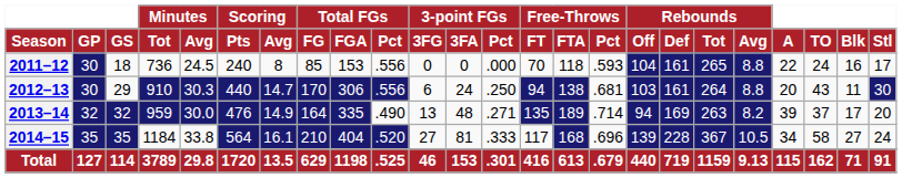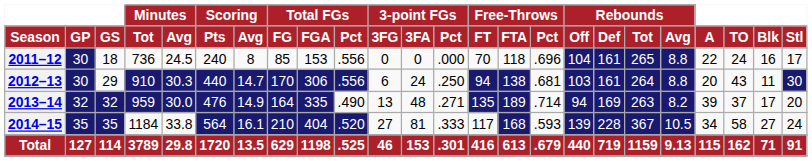 <table class="wikitable sortable" border="1" style="font-size:70%;">
 <tr>
 <th colspan="3" style="border-top-style:hidden; border-left-style:hidden; background: white;"></th>
 <th colspan="2" style="background:#AE2029; color:#ffffff;">Minutes</th>
 <th colspan="2" style="background:#AE2029; color:#ffffff;">Scoring</th>
 <th colspan="3" style="background:#AE2029; color:#ffffff;">Total FGs</th>
 <th colspan="3" style="background:#AE2029; color:#ffffff;">3-point FGs</th>
 <th colspan="3" style="background:#AE2029; color:#ffffff;">Free-Throws</th>
 <th colspan="4" style="background:#AE2029; color:#ffffff;">Rebounds</th>
 <th colspan="4" style="border-top-style:hidden; border-right-style:hidden; background: white;"></th>
 </tr>
 <tr>
 <th scope="col" style="background:#AE2029; color:#ffffff;">Season</th>
 <th scope="col" style="background:#AE2029; color:#ffffff;">GP</th>
 <th scope="col" style="background:#AE2029; color:#ffffff;">GS</th>
 <th scope="col" style="background:#AE2029; color:#ffffff;">Tot</th>
 <th scope="col" style="background:#AE2029; color:#ffffff;">Avg</th>
 <th scope="col" style="background:#AE2029; color:#ffffff;">Pts</th>
 <th scope="col" style="background:#AE2029; color:#ffffff;">Avg</th>
 <th scope="col" style="background:#AE2029; color:#ffffff;">FG</th>
 <th scope="col" style="background:#AE2029; color:#ffffff;">FGA</th>
 <th scope="col" style="background:#AE2029; color:#ffffff;">Pct</th>
 <th scope="col" style="background:#AE2029; color:#ffffff;">3FG</th>
 <th scope="col" style="background:#AE2029; color:#ffffff;">3FA</th>
 <th scope="col" style="background:#AE2029; color:#ffffff;">Pct</th>
 <th scope="col" style="background:#AE2029; color:#ffffff;">FT</th>
 <th scope="col" style="background:#AE2029; color:#ffffff;">FTA</th>
 <th scope="col" style="background:#AE2029; color:#ffffff;">Pct</th>
 <th scope="col" style="background:#AE2029; color:#ffffff;">Off</th>
 <th scope="col" style="background:#AE2029; color:#ffffff;">Def</th>
 <th scope="col" style="background:#AE2029; color:#ffffff;">Tot</th>
 <th scope="col" style="background:#AE2029; color:#ffffff;">Avg</th>
 <th scope="col" style="background:#AE2029; color:#ffffff;">A</th>
 <th scope="col" style="background:#AE2029; color:#ffffff;">TO</th>
 <th scope="col" style="background:#AE2029; color:#ffffff;">Blk</th>
 <th scope="col" style="background:#AE2029; color:#ffffff;">Stl</th>
 </tr>
 <tr>
 <th style=white-space:nowrap><a href='#'>2011–12</a></th>
 <td align="center" style="background:#191970; color:#ffffff;">30</td>
 <td align="center">18</td>
 <td align="center">736</td>
 <td align="center">24.5</td>
 <td align="center">240</td>
 <td align="center">8</td>
 <td align="center">85</td>
 <td align="center">153</td>
 <td align="center">.556</td>
 <td align="center">0</td>
 <td align="center">0</td>
 <td align="center">.000</td>
 <td align="center">70</td>
 <td align="center">118</td>
-<td align="center">.593</td>
+<td align="center">.696</td>
 <td align="center" style="background:#191970; color:#ffffff;">104</td>
 <td align="center" style="background:#191970; color:#ffffff;">161</td>
 <td align="center" style="background:#191970; color:#ffffff;">265</td>
 <td align="center" style="background:#191970; color:#ffffff;">8.8</td>
 <td align="center">22</td>
 <td align="center">24</td>
 <td align="center">16</td>
 <td align="center">17</td>
 </tr>
 <tr>
 <th style=white-space:nowrap><a href='#'>2012–13</a></th>
 <td align="center" style="background:#191970; color:#ffffff;">30</td>
 <td align="center">29</td>
 <td align="center" style="background:#191970; color:#ffffff;">910</td>
 <td align="center" style="background:#191970; color:#ffffff;">30.3</td>
 <td align="center" style="background:#191970; color:#ffffff;">440</td>
 <td align="center" style="background:#191970; color:#ffffff;">14.7</td>
 <td align="center" style="background:#191970; color:#ffffff;">170</td>
 <td align="center" style="background:#191970; color:#ffffff;">306</td>
 <td align="center" style="background:#191970; color:#ffffff;">.556</td>
 <td align="center">6</td>
 <td align="center">24</td>
 <td align="center">.250</td>
 <td align="center" style="background:#191970; color:#ffffff;">94</td>
 <td align="center" style="background:#191970; color:#ffffff;">138</td>
 <td align="center">.681</td>
 <td align="center" style="background:#191970; color:#ffffff;">103</td>
 <td align="center" style="background:#191970; color:#ffffff;">161</td>
 <td align="center" style="background:#191970; color:#ffffff;">264</td>
 <td align="center" style="background:#191970; color:#ffffff;">8.8</td>
 <td align="center">20</td>
 <td align="center">43</td>
 <td align="center">11</td>
 <td align="center" style="background:#191970; color:#ffffff;">30</td>
 </tr>
 <tr>
 <th style=white-space:nowrap><a href='#'>2013–14</a></th>
 <td align="center" style="background:#191970; color:#ffffff;">32</td>
 <td align="center" style="background:#191970; color:#ffffff;">32</td>
 <td align="center" style="background:#191970; color:#ffffff;">959</td>
 <td align="center" style="background:#191970; color:#ffffff;">30.0</td>
 <td align="center" style="background:#191970; color:#ffffff;">476</td>
 <td align="center" style="background:#191970; color:#ffffff;">14.9</td>
 <td align="center" style="background:#191970; color:#ffffff;">164</td>
 <td align="center" style="background:#191970; color:#ffffff;">335</td>
 <td align="center">.490</td>
 <td align="center">13</td>
 <td align="center">48</td>
 <td align="center">.271</td>
 <td align="center" style="background:#191970; color:#ffffff;">135</td>
 <td align="center" style="background:#191970; color:#ffffff;">189</td>
 <td align="center">.714</td>
 <td align="center" style="background:#191970; color:#ffffff;">94</td>
 <td align="center" style="background:#191970; color:#ffffff;">169</td>
 <td align="center" style="background:#191970; color:#ffffff;">263</td>
 <td align="center" style="background:#191970; color:#ffffff;">8.2</td>
 <td align="center">39</td>
 <td align="center">37</td>
 <td align="center">17</td>
 <td align="center">20</td>
 </tr>
 <tr>
 <th style=white-space:nowrap><a href='#'>2014–15</a></th>
 <td align="center" style="background:#191970; color:#ffffff;">35</td>
 <td align="center" style="background:#191970; color:#ffffff;">35</td>
 <td align="center">1184</td>
 <td align="center">33.8</td>
 <td align="center" style="background:#191970; color:#ffffff;">564</td>
 <td align="center" style="background:#191970; color:#ffffff;">16.1</td>
 <td align="center" style="background:#191970; color:#ffffff;">210</td>
 <td align="center" style="background:#191970; color:#ffffff;">404</td>
 <td align="center" style="background:#191970; color:#ffffff;">.520</td>
 <td align="center">27</td>
 <td align="center">81</td>
 <td align="center">.333</td>
 <td align="center">117</td>
 <td align="center" style="background:#191970; color:#ffffff;">168</td>
-<td align="center">.696</td>
+<td align="center">.593</td>
 <td align="center" style="background:#191970; color:#ffffff;">139</td>
 <td align="center" style="background:#191970; color:#ffffff;">228</td>
 <td align="center" style="background:#191970; color:#ffffff;">367</td>
 <td align="center" style="background:#191970; color:#ffffff;">10.5</td>
 <td align="center">34</td>
 <td align="center">58</td>
 <td align="center">27</td>
 <td align="center">24</td>
 </tr>
 <tr>
 </tr>
 <tr class="sortbottom">
 <td align="center" style="background:#AE2029; color:#ffffff;"><strong>Total</strong></td>
 <td align="center" style="background:#AE2029; color:#ffffff;"><strong>127</strong></td>
 <td align="center" style="background:#AE2029; color:#ffffff;"><strong>114</strong></td>
 <td align="center" style="background:#AE2029; color:#ffffff;"><strong>3789</strong></td>
 <td align="center" style="background:#AE2029; color:#ffffff;"><strong>29.8</strong></td>
 <td align="center" style="background:#AE2029; color:#ffffff;"><strong>1720</strong></td>
 <td align="center" style="background:#AE2029; color:#ffffff;"><strong>13.5</strong></td>
 <td align="center" style="background:#AE2029; color:#ffffff;"><strong>629</strong></td>
 <td align="center" style="background:#AE2029; color:#ffffff;"><strong>1198</strong></td>
 <td align="center" style="background:#AE2029; color:#ffffff;"><strong>.525</strong></td>
 <td align="center" style="background:#AE2029; color:#ffffff;"><strong>46</strong></td>
 <td align="center" style="background:#AE2029; color:#ffffff;"><strong>153</strong></td>
 <td align="center" style="background:#AE2029; color:#ffffff;"><strong>.301</strong></td>
 <td align="center" style="background:#AE2029; color:#ffffff;"><strong>416</strong></td>
 <td align="center" style="background:#AE2029; color:#ffffff;"><strong>613</strong></td>
 <td align="center" style="background:#AE2029; color:#ffffff;"><strong>.679</strong></td>
 <td align="center" style="background:#AE2029; color:#ffffff;"><strong>440</strong></td>
 <td align="center" style="background:#AE2029; color:#ffffff;"><strong>719</strong></td>
 <td align="center" style="background:#AE2029; color:#ffffff;"><strong>1159</strong></td>
 <td align="center" style="background:#AE2029; color:#ffffff;"><strong>9.13</strong></td>
 <td align="center" style="background:#AE2029; color:#ffffff;"><strong>115</strong></td>
 <td align="center" style="background:#AE2029; color:#ffffff;"><strong>162</strong></td>
 <td align="center" style="background:#AE2029; color:#ffffff;"><strong>71</strong></td>
 <td align="center" style="background:#AE2029; color:#ffffff;"><strong>91</strong></td>
 </tr>
 <tr class="sortbottom">
 </tr>
 </table>
